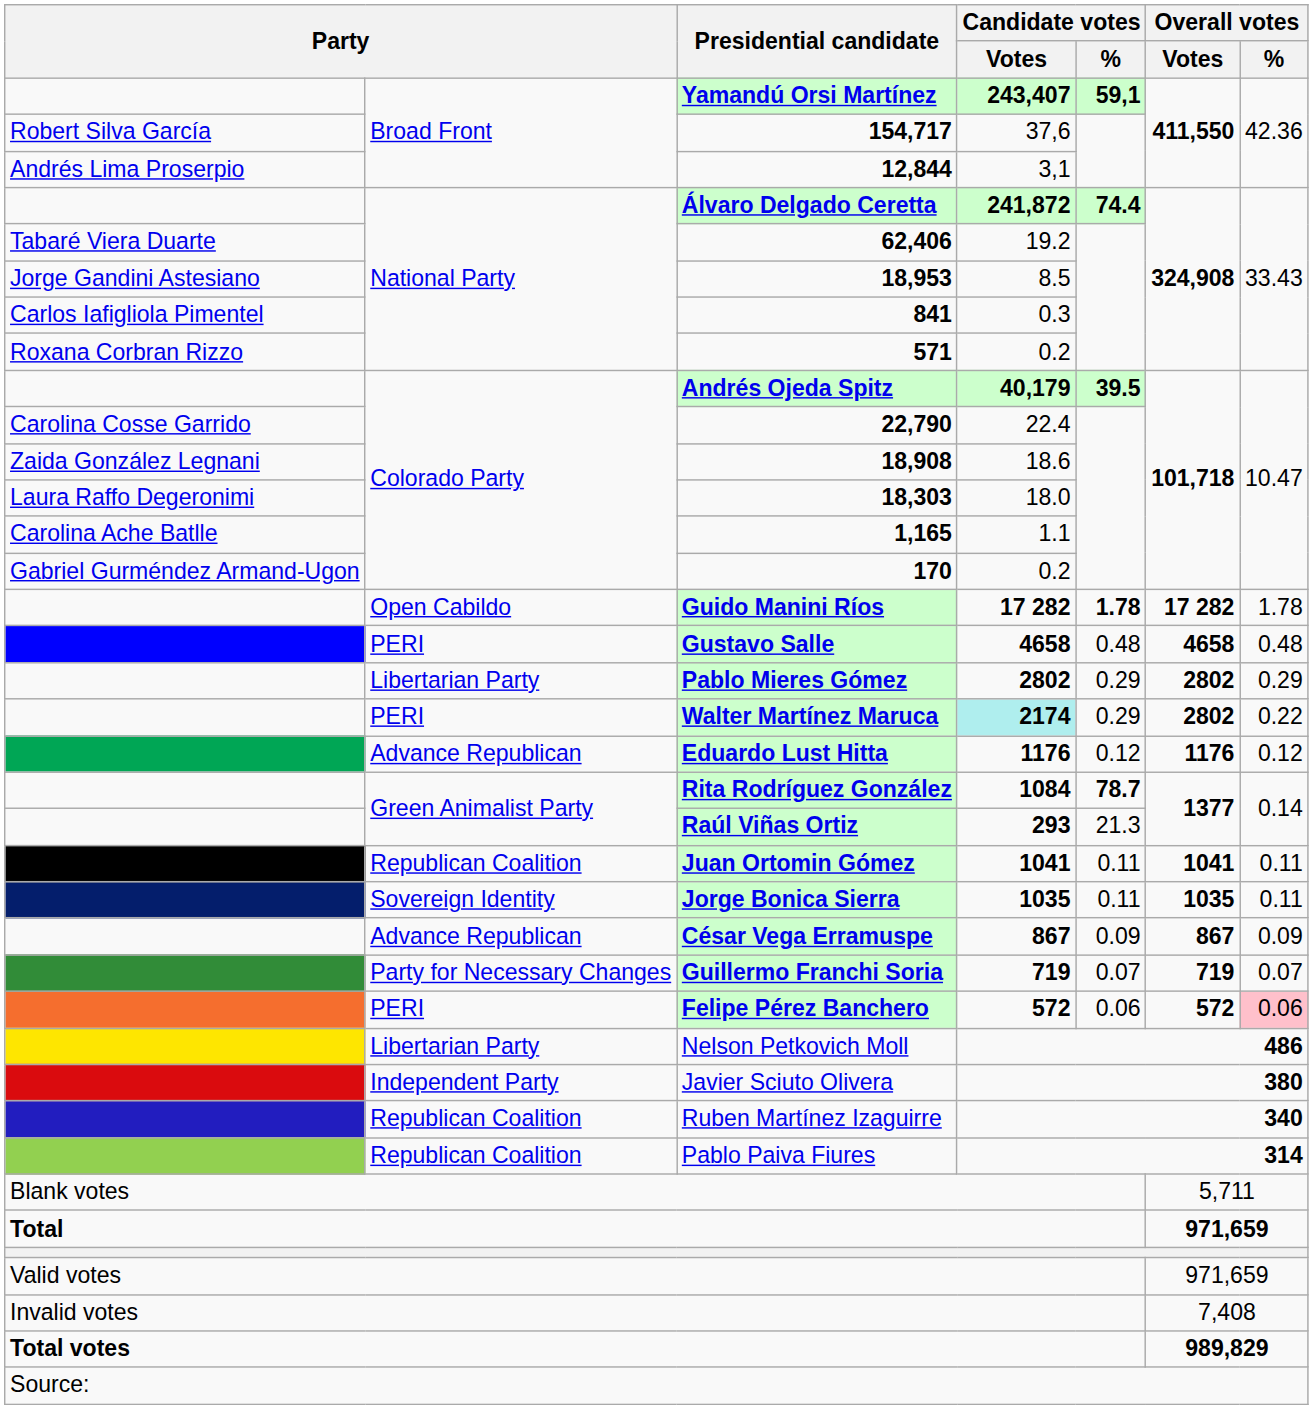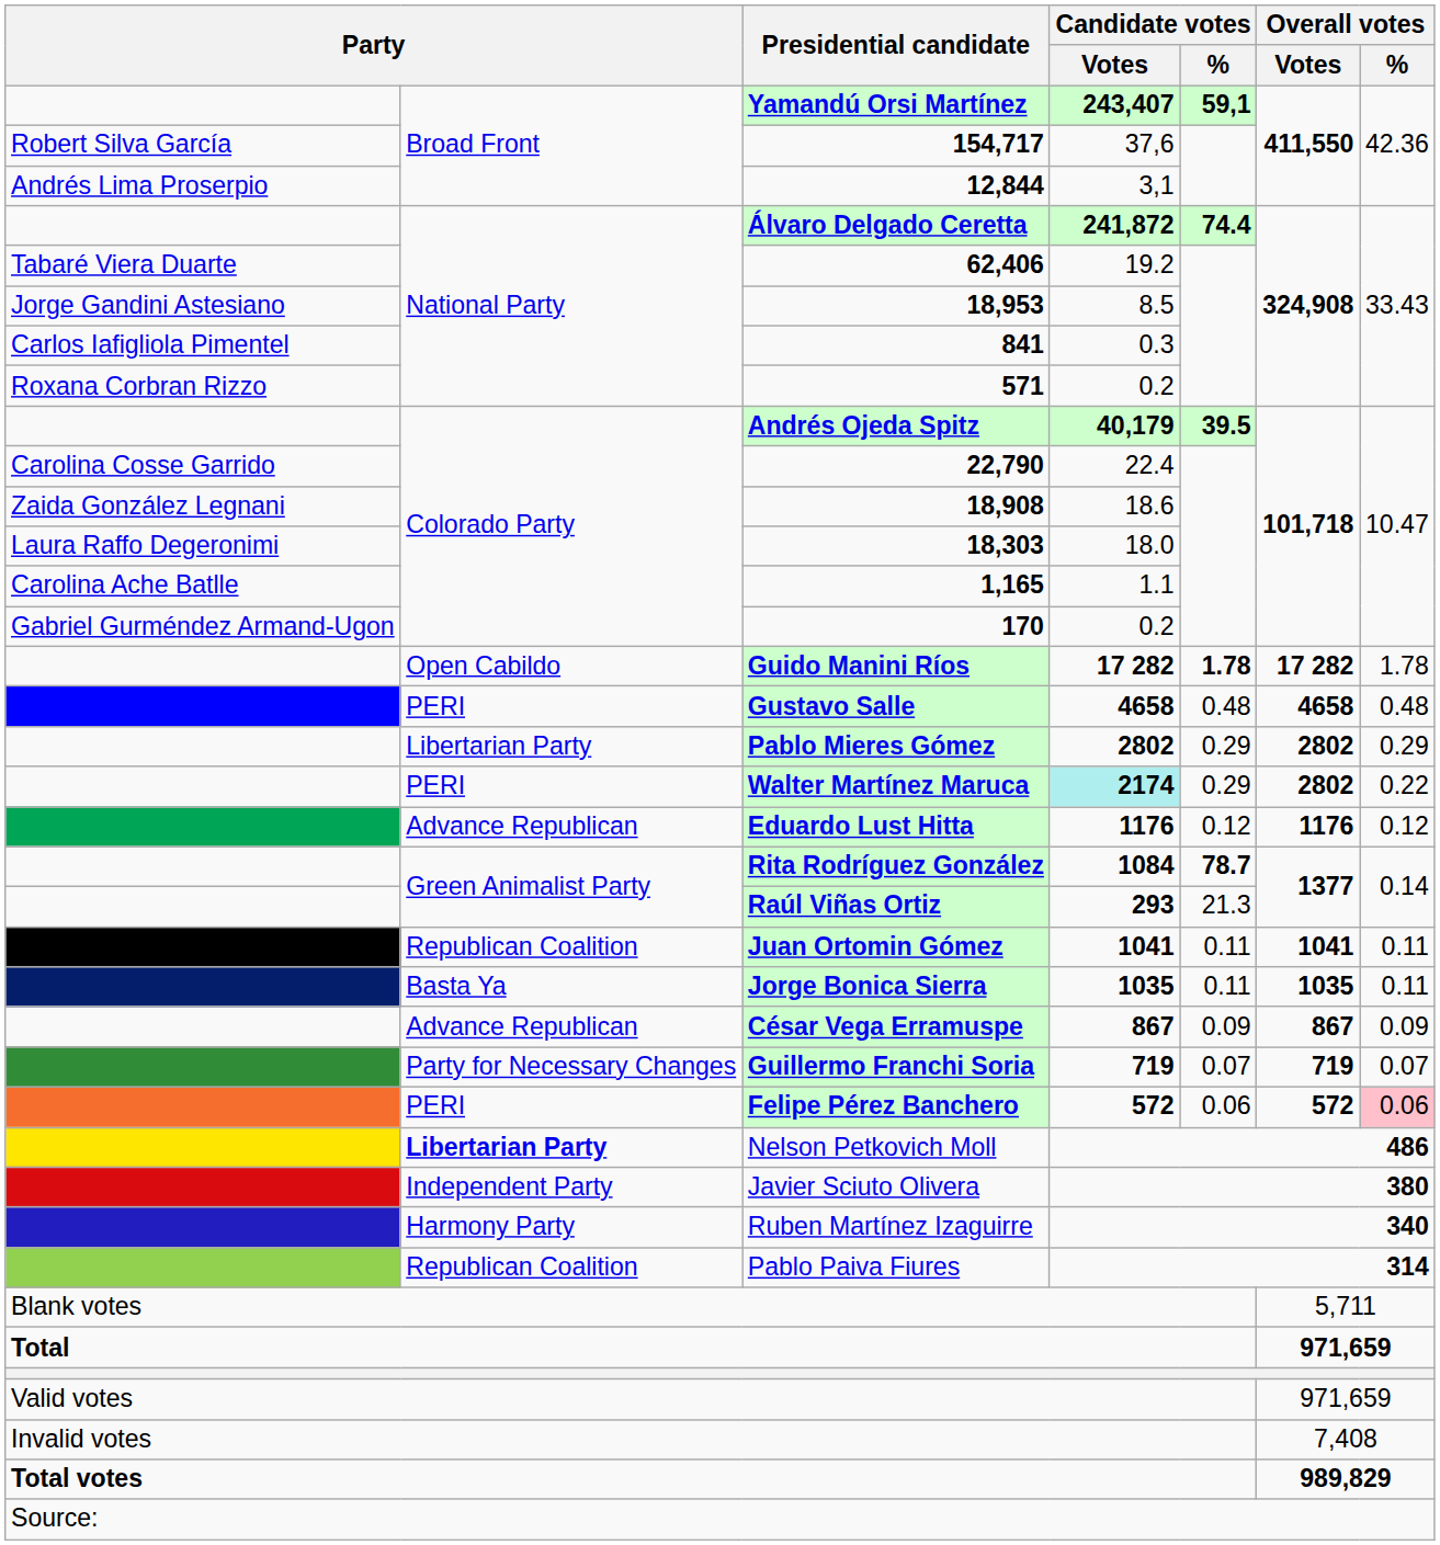 <table class="wikitable" style="text-align:right">
 <tr>
 <th colspan="2" rowspan="2">Party</th>
 <th rowspan="2">Presidential candidate</th>
 <th colspan="2">Candidate votes</th>
 <th colspan="2">Overall votes</th>
 </tr>
 <tr>
 <th>Votes</th>
 <th>%</th>
 <th>Votes</th>
 <th>%</th>
 </tr>
 <tr>
 <td></td>
 <td rowspan="3" align="left"><a href='#'>Broad Front</a></td>
 <td bgcolor="#cfc" align="left"><a href='#'><strong>Yamandú Orsi Martínez</strong></a></td>
 <td bgcolor="#cfc"><strong>243,407</strong></td>
 <td bgcolor="#cfc"><strong>59,1</strong></td>
 <td rowspan="3"><strong>411,550</strong></td>
 <td rowspan="3">42.36</td>
 </tr>
 <tr>
 <td align="left"><a href='#'>Robert Silva García</a></td>
 <td><strong>154,717</strong></td>
 <td>37,6</td>
 </tr>
 <tr>
 <td align="left"><a href='#'>Andrés Lima Proserpio</a></td>
 <td><strong>12,844</strong></td>
 <td>3,1</td>
 </tr>
 <tr>
 <td></td>
 <td rowspan="5" align="left"><a href='#'>National Party</a></td>
 <td bgcolor="#cfc" align="left"><a href='#'><strong>Álvaro Delgado Ceretta</strong></a></td>
 <td bgcolor="#cfc"><strong>241,872</strong></td>
 <td bgcolor="#cfc"><strong>74.4</strong></td>
 <td rowspan="5"><strong>324,908</strong></td>
 <td rowspan="5">33.43</td>
 </tr>
 <tr>
 <td align="left"><a href='#'>Tabaré Viera Duarte</a></td>
 <td><strong>62,406</strong></td>
 <td>19.2</td>
 </tr>
 <tr>
 <td align="left"><a href='#'>Jorge Gandini Astesiano</a></td>
 <td><strong>18,953</strong></td>
 <td>8.5</td>
 </tr>
 <tr>
 <td align="left"><a href='#'>Carlos Iafigliola Pimentel</a></td>
 <td><strong>841</strong></td>
 <td>0.3</td>
 </tr>
 <tr>
 <td align="left"><a href='#'>Roxana Corbran Rizzo</a></td>
 <td><strong>571</strong></td>
 <td>0.2</td>
 </tr>
 <tr>
 <td></td>
 <td align="left" rowspan="6"><a href='#'>Colorado Party</a></td>
 <td bgcolor="#cfc" align="left"><a href='#'><strong>Andrés Ojeda Spitz</strong></a></td>
 <td bgcolor="#cfc"><strong>40,179</strong></td>
 <td bgcolor="#cfc"><strong>39.5</strong></td>
 <td rowspan="6"><strong>101,718</strong></td>
 <td rowspan="6">10.47</td>
 </tr>
 <tr>
 <td align="left"><a href='#'>Carolina Cosse Garrido</a></td>
 <td><strong>22,790</strong></td>
 <td>22.4</td>
 </tr>
 <tr>
 <td align="left"><a href='#'>Zaida González Legnani</a></td>
 <td><strong>18,908</strong></td>
 <td>18.6</td>
 </tr>
 <tr>
 <td align="left"><a href='#'>Laura Raffo Degeronimi</a></td>
 <td><strong>18,303</strong></td>
 <td>18.0</td>
 </tr>
 <tr>
 <td align="left"><a href='#'>Carolina Ache Batlle</a></td>
 <td><strong>1,165</strong></td>
 <td>1.1</td>
 </tr>
 <tr>
 <td align="left"><a href='#'>Gabriel Gurméndez Armand-Ugon</a></td>
 <td><strong>170</strong></td>
 <td>0.2</td>
 </tr>
 <tr>
 <td></td>
 <td align="left"><a href='#'>Open Cabildo</a></td>
 <td bgcolor="#cfc" align="left"><strong><a href='#'>Guido Manini Ríos</a></strong></td>
 <td><strong>17 282</strong></td>
 <td><strong>1.78</strong></td>
 <td><strong>17 282</strong></td>
 <td>1.78</td>
 </tr>
 <tr>
 <td bgcolor="#0000FF" rowspan="1"></td>
 <td align="left"><a href='#'>PERI</a></td>
 <td bgcolor="#cfc" align="left"><strong><a href='#'>Gustavo Salle</a></strong></td>
 <td><strong>4658</strong></td>
 <td>0.48</td>
 <td><strong>4658</strong></td>
 <td>0.48</td>
 </tr>
 <tr>
 <td></td>
 <td align="left"><a href='#'>Libertarian Party</a></td>
 <td bgcolor="#cfc" align="left"><a href='#'><strong>Pablo Mieres Gómez</strong></a></td>
 <td><strong>2802</strong></td>
 <td>0.29</td>
 <td><strong>2802</strong></td>
 <td>0.29</td>
 </tr>
 <tr>
 <td></td>
 <td align="left"><a href='#'>PERI</a></td>
 <td bgcolor="#cfc" align="left"><strong><a href='#'>Walter Martínez Maruca</a></strong></td>
 <td style="background: paleturquoise;"><strong>2174</strong></td>
 <td>0.29</td>
 <td><strong>2802</strong></td>
 <td>0.22</td>
 </tr>
 <tr>
 <td bgcolor="#00a655" rowspan="1"></td>
 <td align="left"><a href='#'>Advance Republican</a></td>
 <td bgcolor="#cfc" align="left"><a href='#'><strong>Eduardo Lust Hitta</strong></a></td>
 <td><strong>1176</strong></td>
 <td>0.12</td>
 <td><strong>1176</strong></td>
 <td>0.12</td>
 </tr>
 <tr>
 <td></td>
 <td align="left" rowspan="2"><a href='#'>Green Animalist Party</a></td>
 <td bgcolor="#cfc" align="left"><strong><a href='#'>Rita Rodríguez González</a></strong></td>
 <td><strong>1084</strong></td>
 <td><strong>78.7</strong></td>
 <td rowspan="2"><strong>1377</strong></td>
 <td rowspan="2">0.14</td>
 </tr>
 <tr>
 <td></td>
 <td bgcolor="#cfc" align="left"><strong><a href='#'>Raúl Viñas Ortiz</a></strong></td>
 <td><strong>293</strong></td>
 <td>21.3</td>
 </tr>
 <tr>
 <td bgcolor="#pink" rowspan="1"></td>
 <td align="left"><a href='#'>Republican Coalition</a></td>
 <td bgcolor="#cfc" align="left"><strong><a href='#'>Juan Ortomin Gómez</a></strong></td>
 <td><strong>1041</strong></td>
 <td>0.11</td>
 <td><strong>1041</strong></td>
 <td>0.11</td>
 </tr>
 <tr>
 <td bgcolor="#041e6c" rowspan="1"></td>
-<td align="left"><a href='#'>Sovereign Identity</a></td>
+<td align="left"><a href='#'>Basta Ya</a></td>
 <td bgcolor="#cfc" align="left"><strong><a href='#'>Jorge Bonica Sierra</a></strong></td>
 <td><strong>1035</strong></td>
 <td>0.11</td>
 <td><strong>1035</strong></td>
 <td>0.11</td>
 </tr>
 <tr>
 <td></td>
 <td align="left"><a href='#'>Advance Republican</a></td>
 <td bgcolor="#cfc" align="left"><a href='#'><strong>César Vega Erramuspe</strong></a></td>
 <td><strong>867</strong></td>
 <td>0.09</td>
 <td><strong>867</strong></td>
 <td>0.09</td>
 </tr>
 <tr>
 <td bgcolor="#318C38" rowspan="1"></td>
 <td align="left"><a href='#'>Party for Necessary Changes</a></td>
 <td bgcolor="#cfc" align="left"><a href='#'><strong>Guillermo Franchi Soria</strong></a></td>
 <td><strong>719</strong></td>
 <td>0.07</td>
 <td><strong>719</strong></td>
 <td>0.07</td>
 </tr>
 <tr>
 <td bgcolor="#f56e2e" rowspan="1"></td>
 <td align="left"><a href='#'>PERI</a></td>
 <td bgcolor="#cfc" align="left"><strong><a href='#'>Felipe Pérez Banchero</a></strong></td>
 <td><strong>572</strong></td>
 <td>0.06</td>
 <td><strong>572</strong></td>
 <td style="background: pink;">0.06</td>
 </tr>
 <tr>
 <td bgcolor="#FEE600" rowspan="1"></td>
-<td align="left"><a href='#'>Libertarian Party</a></td>
+<td align="left"><strong><a href='#'>Libertarian Party</a></strong></td>
 <td align="left"><a href='#'>Nelson Petkovich Moll</a></td>
 <td colspan="4"><strong>486</strong></td>
 </tr>
 <tr>
 <td bgcolor="#darkblue" rowspan="1"></td>
 <td align="left"><a href='#'>Independent Party</a></td>
 <td align="left"><a href='#'>Javier Sciuto Olivera</a></td>
 <td colspan="4"><strong>380</strong></td>
 </tr>
 <tr>
 <td bgcolor="#221dbf" rowspan="1"></td>
-<td align="left"><a href='#'>Republican Coalition</a></td>
+<td align="left"><a href='#'>Harmony Party</a></td>
 <td align="left"><a href='#'>Ruben Martínez Izaguirre</a></td>
 <td colspan="4"><strong>340</strong></td>
 </tr>
 <tr>
 <td bgcolor="#92D050" rowspan="1"></td>
 <td align="left"><a href='#'>Republican Coalition</a></td>
 <td align="left"><a href='#'>Pablo Paiva Fiures</a></td>
 <td colspan="4"><strong>314</strong></td>
 </tr>
 <tr>
 <td align="left" colspan="5">Blank votes</td>
 <td align="center"colspan="2">5,711</td>
 </tr>
 <tr>
 <td align="left" colspan="5"><strong>Total</strong></td>
 <td align="center"colspan="2"><strong>971,659</strong></td>
 </tr>
 <tr>
 <th colspan="7"></th>
 </tr>
 <tr>
 <td align="left" colspan="5">Valid votes</td>
 <td align="center" colspan="2">971,659</td>
 </tr>
 <tr>
 <td align="left" colspan="5">Invalid votes</td>
 <td align="center"colspan="2">7,408</td>
 </tr>
 <tr>
 <td align="left" colspan="5"><strong>Total votes</strong></td>
 <td align="center" colspan="2"><strong>989,829</strong></td>
 </tr>
 <tr>
 <td align="left" colspan="7">Source: </td>
 </tr>
 </table>
